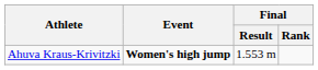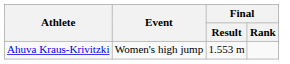 <table class="wikitable" style="font-size:90%">
 <tr>
 <th rowspan="2">Athlete</th>
 <th rowspan="2">Event</th>
 <th colspan="2">Final</th>
 </tr>
 <tr>
 <th>Result</th>
 <th>Rank</th>
 </tr>
 <tr>
 <td align=center><a href='#'>Ahuva Kraus-Krivitzki</a></td>
-<td align=center><strong>Women's high jump</strong></td>
+<td align=center>Women's high jump</td>
 <td align=center>1.553 m</td>
 <td align=center></td>
 </tr>
 </table>
